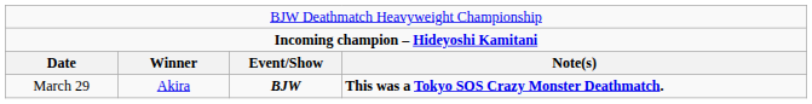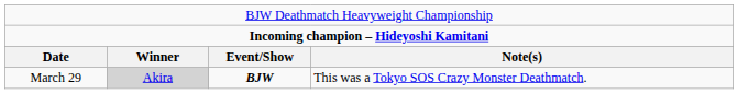 <table class="wikitable" style="text-align:center; width:100%;">
 <tr>
 <td colspan="4" style="text-align: center;"><a href='#'>BJW Deathmatch Heavyweight Championship</a></td>
 </tr>
 <tr>
 <td colspan="4" style="text-align: center;"><strong>Incoming champion – <a href='#'>Hideyoshi Kamitani</a></strong></td>
 </tr>
 <tr>
 <th width="14%">Date</th>
 <th width="14%">Winner</th>
 <th width="14%">Event/Show</th>
 <th width="58%">Note(s)</th>
 </tr>
 <tr>
 <td>March 29</td>
-<td><a href='#'>Akira</a></td>
+<td style="background: lightgrey;"><a href='#'>Akira</a></td>
 <td><strong><em>BJW</em></strong></td>
-<td align=left><strong>This was a <a href='#'>Tokyo SOS Crazy Monster Deathmatch</a>.</strong></td>
+<td align=left>This was a <a href='#'>Tokyo SOS Crazy Monster Deathmatch</a>.</td>
 </tr>
 </table>
